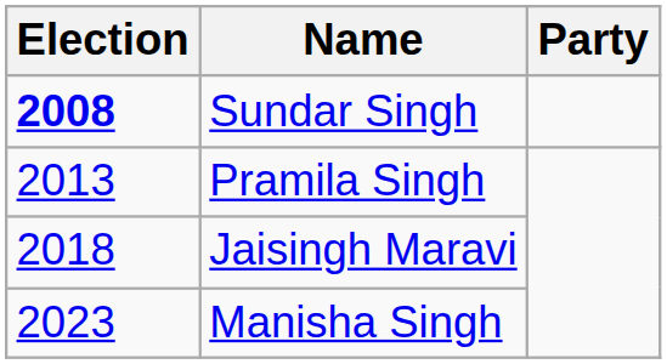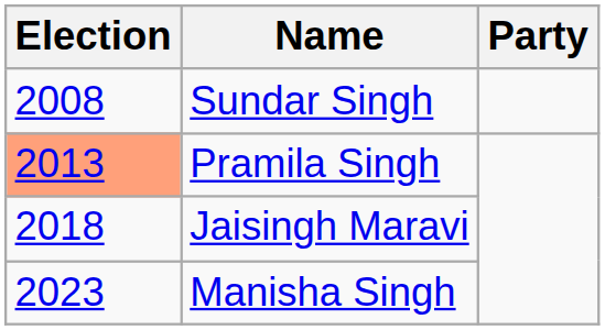 <table class="wikitable sortable">
 <tr>
 <th>Election</th>
 <th>Name</th>
 <th colspan=2>Party</th>
 </tr>
 <tr>
-<td><strong><a href='#'>2008</a></strong></td>
+<td><a href='#'>2008</a></td>
 <td><a href='#'>Sundar Singh</a></td>
 <td></td>
 </tr>
 <tr>
-<td><a href='#'>2013</a></td>
+<td style="background: lightsalmon;"><a href='#'>2013</a></td>
 <td><a href='#'>Pramila Singh</a></td>
 </tr>
 <tr>
 <td><a href='#'>2018</a></td>
 <td><a href='#'>Jaisingh Maravi</a></td>
 </tr>
 <tr>
 <td><a href='#'>2023</a></td>
 <td><a href='#'>Manisha Singh</a></td>
 </tr>
 </table>
